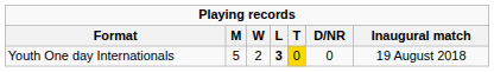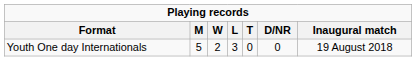 <table class="wikitable" style="text-align: center; width: 600px">
 <tr>
 <td colspan="8" align="center"><strong>Playing records</strong></td>
 </tr>
 <tr>
 <th>Format</th>
 <th>M</th>
 <th>W</th>
 <th>L</th>
 <th>T</th>
 <th>D/NR</th>
 <th>Inaugural match</th>
 </tr>
 <tr>
 <td align="left">Youth One day Internationals</td>
 <td>5</td>
 <td>2</td>
-<td><strong>3</strong></td>
-<td style="background: gold;">0</td>
+<td>3</td>
+<td>0</td>
 <td>0</td>
 <td>19 August 2018</td>
 </tr>
 </table>
